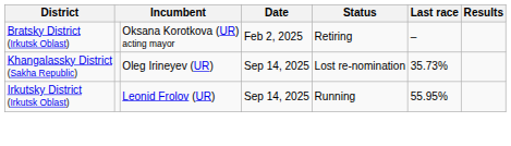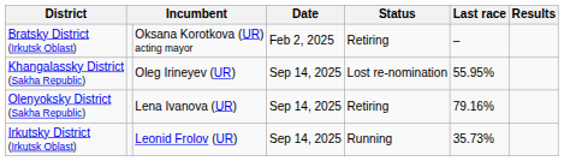 <table class="wikitable">
 <tr>
 <th>District</th>
 <th colspan=2>Incumbent</th>
 <th>Date</th>
 <th>Status</th>
 <th>Last race</th>
 <th>Results</th>
 </tr>
 <tr>
 <td><a href='#'>Bratsky District</a><br><small>(<a href='#'>Irkutsk Oblast</a>)</small></td>
 <td style="background-color:"></td>
 <td>Oksana Korotkova (<a href='#'>UR</a>)<br><small>acting mayor</small></td>
 <td>Feb 2, 2025</td>
 <td>Retiring</td>
 <td>–</td>
 <td nowrap></td>
 </tr>
 <tr>
 <td><a href='#'>Khangalassky District</a><br><small>(<a href='#'>Sakha Republic</a>)</small></td>
 <td style="background-color:"></td>
 <td>Oleg Irineyev (<a href='#'>UR</a>)</td>
 <td>Sep 14, 2025</td>
 <td>Lost re-nomination</td>
-<td>35.73%</td>
+<td>55.95%</td>
+<td nowrap></td>
+</tr>
+<tr>
+<td><a href='#'>Olenyoksky District</a><br><small>(<a href='#'>Sakha Republic</a>)</small></td>
+<td style="background-color:"></td>
+<td>Lena Ivanova (<a href='#'>UR</a>)</td>
+<td>Sep 14, 2025</td>
+<td>Retiring</td>
+<td>79.16%</td>
 <td nowrap></td>
 </tr>
 <tr>
 <td><a href='#'>Irkutsky District</a><br><small>(<a href='#'>Irkutsk Oblast</a>)</small></td>
 <td style="background-color:"></td>
 <td><a href='#'>Leonid Frolov</a> (<a href='#'>UR</a>)</td>
 <td>Sep 14, 2025</td>
 <td>Running</td>
-<td>55.95%</td>
+<td>35.73%</td>
 <td nowrap></td>
 </tr>
 </table>
